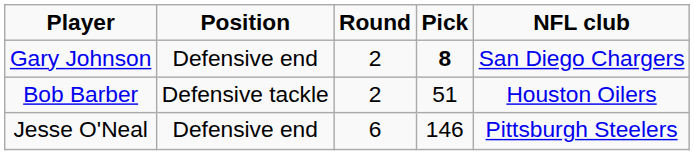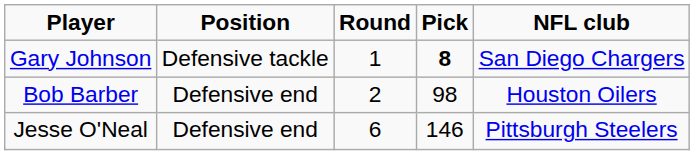 <table class="wikitable">
 <tr align="center">
 <td><strong>Player</strong></td>
 <td><strong>Position</strong></td>
 <td><strong>Round</strong></td>
 <td><strong>Pick</strong></td>
 <td><strong>NFL club</strong></td>
 </tr>
 <tr align="center" bgcolor="">
 <td><a href='#'>Gary Johnson</a></td>
-<td>Defensive end</td>
-<td>2</td>
+<td>Defensive tackle</td>
+<td>1</td>
 <td><strong>8</strong></td>
 <td><a href='#'>San Diego Chargers</a></td>
 </tr>
 <tr align="center" bgcolor="">
 <td><a href='#'>Bob Barber</a></td>
-<td>Defensive tackle</td>
+<td>Defensive end</td>
 <td>2</td>
-<td>51</td>
+<td>98</td>
 <td><a href='#'>Houston Oilers</a></td>
 </tr>
 <tr align="center" bgcolor="">
 <td>Jesse O'Neal</td>
 <td>Defensive end</td>
 <td>6</td>
 <td>146</td>
 <td><a href='#'>Pittsburgh Steelers</a></td>
 </tr>
 </table>
